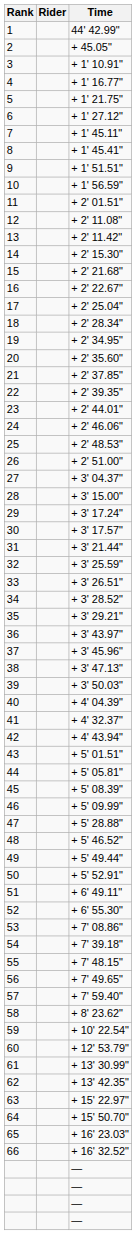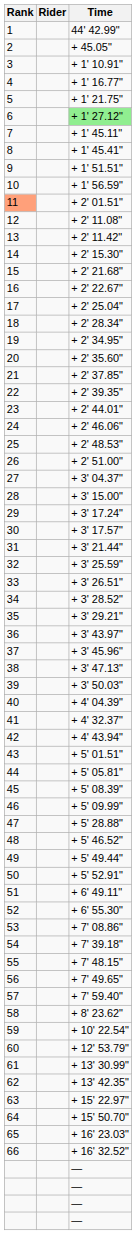 <table class="wikitable">
 <tr>
 <th>Rank</th>
 <th>Rider</th>
 <th>Time</th>
 </tr>
 <tr>
 <td>1</td>
 <td></td>
 <td>44' 42.99"</td>
 </tr>
 <tr>
 <td>2</td>
 <td></td>
 <td>+ 45.05"</td>
 </tr>
 <tr>
 <td>3</td>
 <td></td>
 <td>+ 1' 10.91"</td>
 </tr>
 <tr>
 <td>4</td>
 <td></td>
 <td>+ 1' 16.77"</td>
 </tr>
 <tr>
 <td>5</td>
 <td></td>
 <td>+ 1' 21.75"</td>
 </tr>
 <tr>
 <td>6</td>
 <td></td>
-<td>+ 1' 27.12"</td>
+<td style="background: lightgreen;">+ 1' 27.12"</td>
 </tr>
 <tr>
 <td>7</td>
 <td></td>
 <td>+ 1' 45.11"</td>
 </tr>
 <tr>
 <td>8</td>
 <td></td>
 <td>+ 1' 45.41"</td>
 </tr>
 <tr>
 <td>9</td>
 <td></td>
 <td>+ 1' 51.51"</td>
 </tr>
 <tr>
 <td>10</td>
 <td></td>
 <td>+ 1' 56.59"</td>
 </tr>
 <tr>
-<td>11</td>
+<td style="background: lightsalmon;">11</td>
 <td></td>
 <td>+ 2' 01.51"</td>
 </tr>
 <tr>
 <td>12</td>
 <td></td>
 <td>+ 2' 11.08"</td>
 </tr>
 <tr>
 <td>13</td>
 <td></td>
 <td>+ 2' 11.42"</td>
 </tr>
 <tr>
 <td>14</td>
 <td></td>
 <td>+ 2' 15.30"</td>
 </tr>
 <tr>
 <td>15</td>
 <td></td>
 <td>+ 2' 21.68"</td>
 </tr>
 <tr>
 <td>16</td>
 <td></td>
 <td>+ 2' 22.67"</td>
 </tr>
 <tr>
 <td>17</td>
 <td></td>
 <td>+ 2' 25.04"</td>
 </tr>
 <tr>
 <td>18</td>
 <td></td>
 <td>+ 2' 28.34"</td>
 </tr>
 <tr>
 <td>19</td>
 <td></td>
 <td>+ 2' 34.95"</td>
 </tr>
 <tr>
 <td>20</td>
 <td></td>
 <td>+ 2' 35.60"</td>
 </tr>
 <tr>
 <td>21</td>
 <td></td>
 <td>+ 2' 37.85"</td>
 </tr>
 <tr>
 <td>22</td>
 <td></td>
 <td>+ 2' 39.35"</td>
 </tr>
 <tr>
 <td>23</td>
 <td></td>
 <td>+ 2' 44.01"</td>
 </tr>
 <tr>
 <td>24</td>
 <td></td>
 <td>+ 2' 46.06"</td>
 </tr>
 <tr>
 <td>25</td>
 <td></td>
 <td>+ 2' 48.53"</td>
 </tr>
 <tr>
 <td>26</td>
 <td></td>
 <td>+ 2' 51.00"</td>
 </tr>
 <tr>
 <td>27</td>
 <td></td>
 <td>+ 3' 04.37"</td>
 </tr>
 <tr>
 <td>28</td>
 <td></td>
 <td>+ 3' 15.00"</td>
 </tr>
 <tr>
 <td>29</td>
 <td></td>
 <td>+ 3' 17.24"</td>
 </tr>
 <tr>
 <td>30</td>
 <td></td>
 <td>+ 3' 17.57"</td>
 </tr>
 <tr>
 <td>31</td>
 <td></td>
 <td>+ 3' 21.44"</td>
 </tr>
 <tr>
 <td>32</td>
 <td></td>
 <td>+ 3' 25.59"</td>
 </tr>
 <tr>
 <td>33</td>
 <td></td>
 <td>+ 3' 26.51"</td>
 </tr>
 <tr>
 <td>34</td>
 <td></td>
 <td>+ 3' 28.52"</td>
 </tr>
 <tr>
 <td>35</td>
 <td></td>
 <td>+ 3' 29.21"</td>
 </tr>
 <tr>
 <td>36</td>
 <td></td>
 <td>+ 3' 43.97"</td>
 </tr>
 <tr>
 <td>37</td>
 <td></td>
 <td>+ 3' 45.96"</td>
 </tr>
 <tr>
 <td>38</td>
 <td></td>
 <td>+ 3' 47.13"</td>
 </tr>
 <tr>
 <td>39</td>
 <td></td>
 <td>+ 3' 50.03"</td>
 </tr>
 <tr>
 <td>40</td>
 <td></td>
 <td>+ 4' 04.39"</td>
 </tr>
 <tr>
 <td>41</td>
 <td></td>
 <td>+ 4' 32.37"</td>
 </tr>
 <tr>
 <td>42</td>
 <td></td>
 <td>+ 4' 43.94"</td>
 </tr>
 <tr>
 <td>43</td>
 <td></td>
 <td>+ 5' 01.51"</td>
 </tr>
 <tr>
 <td>44</td>
 <td></td>
 <td>+ 5' 05.81"</td>
 </tr>
 <tr>
 <td>45</td>
 <td></td>
 <td>+ 5' 08.39"</td>
 </tr>
 <tr>
 <td>46</td>
 <td></td>
 <td>+ 5' 09.99"</td>
 </tr>
 <tr>
 <td>47</td>
 <td></td>
 <td>+ 5' 28.88"</td>
 </tr>
 <tr>
 <td>48</td>
 <td></td>
 <td>+ 5' 46.52"</td>
 </tr>
 <tr>
 <td>49</td>
 <td></td>
 <td>+ 5' 49.44"</td>
 </tr>
 <tr>
 <td>50</td>
 <td></td>
 <td>+ 5' 52.91"</td>
 </tr>
 <tr>
 <td>51</td>
 <td></td>
 <td>+ 6' 49.11"</td>
 </tr>
 <tr>
 <td>52</td>
 <td></td>
 <td>+ 6' 55.30"</td>
 </tr>
 <tr>
 <td>53</td>
 <td></td>
 <td>+ 7' 08.86"</td>
 </tr>
 <tr>
 <td>54</td>
 <td></td>
 <td>+ 7' 39.18"</td>
 </tr>
 <tr>
 <td>55</td>
 <td></td>
 <td>+ 7' 48.15"</td>
 </tr>
 <tr>
 <td>56</td>
 <td></td>
 <td>+ 7' 49.65"</td>
 </tr>
 <tr>
 <td>57</td>
 <td></td>
 <td>+ 7' 59.40"</td>
 </tr>
 <tr>
 <td>58</td>
 <td></td>
 <td>+ 8' 23.62"</td>
 </tr>
 <tr>
 <td>59</td>
 <td></td>
 <td>+ 10' 22.54"</td>
 </tr>
 <tr>
 <td>60</td>
 <td></td>
 <td>+ 12' 53.79"</td>
 </tr>
 <tr>
 <td>61</td>
 <td></td>
 <td>+ 13' 30.99"</td>
 </tr>
 <tr>
 <td>62</td>
 <td></td>
 <td>+ 13' 42.35"</td>
 </tr>
 <tr>
 <td>63</td>
 <td></td>
 <td>+ 15' 22.97"</td>
 </tr>
 <tr>
 <td>64</td>
 <td></td>
 <td>+ 15' 50.70"</td>
 </tr>
 <tr>
 <td>65</td>
 <td></td>
 <td>+ 16' 23.03"</td>
 </tr>
 <tr>
 <td>66</td>
 <td></td>
 <td>+ 16' 32.52"</td>
 </tr>
 <tr>
 <td></td>
 <td></td>
 <td>—</td>
 </tr>
 <tr>
 <td></td>
 <td></td>
 <td>—</td>
 </tr>
 <tr>
 <td></td>
 <td></td>
 <td>—</td>
 </tr>
 <tr>
 <td></td>
 <td></td>
 <td>—</td>
 </tr>
 </table>
